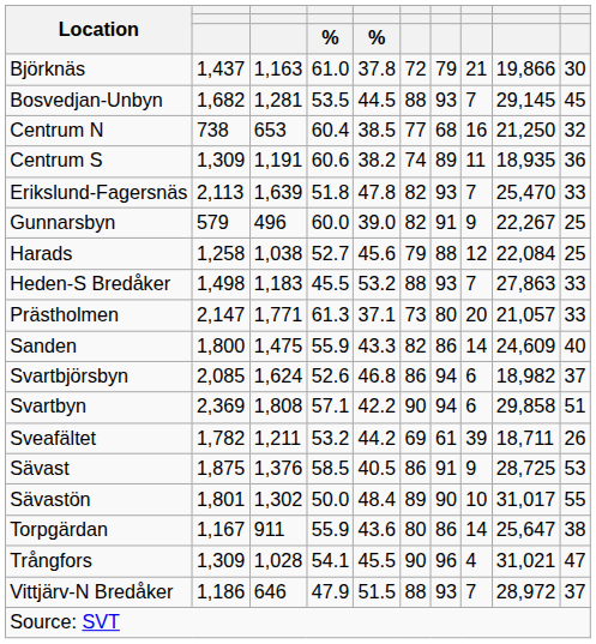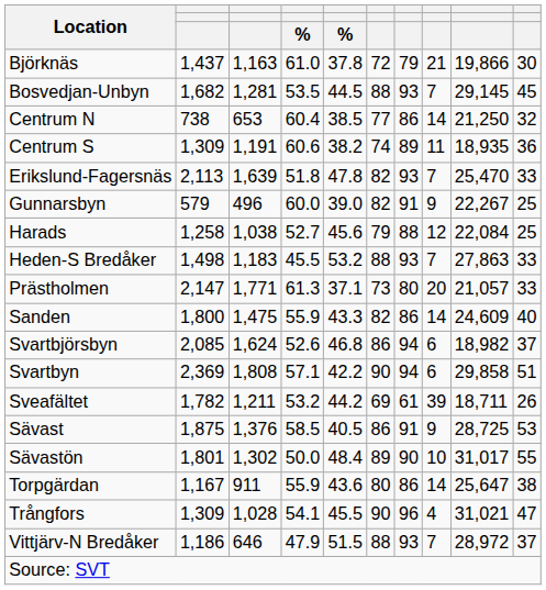 <table role="presentation" class="wikitable sortable mw-collapsible">
 <tr>
 <th rowspan="3">Location</th>
 <th></th>
 <th></th>
 <th></th>
 <th></th>
 <th></th>
 <th></th>
 <th></th>
 <th></th>
 <th></th>
 </tr>
 <tr>
 <th></th>
 <th></th>
 <th style="background:"></th>
 <th style="background:"></th>
 <th></th>
 <th></th>
 <th></th>
 <th></th>
 <th></th>
 </tr>
 <tr>
 <th data-sort-type="number"></th>
 <th data-sort-type="number"></th>
 <th data-sort-type="number">%</th>
 <th data-sort-type="number">%</th>
 <th data-sort-type="number"></th>
 <th data-sort-type="number"></th>
 <th data-sort-type="number"></th>
 <th data-sort-type="number"></th>
 <th data-sort-type="number"></th>
 </tr>
 <tr>
 <td align="left">Björknäs</td>
 <td>1,437</td>
 <td>1,163</td>
 <td>61.0</td>
 <td>37.8</td>
 <td>72</td>
 <td>79</td>
 <td>21</td>
 <td>19,866</td>
 <td>30</td>
 </tr>
 <tr>
 <td align="left">Bosvedjan-Unbyn</td>
 <td>1,682</td>
 <td>1,281</td>
 <td>53.5</td>
 <td>44.5</td>
 <td>88</td>
 <td>93</td>
 <td>7</td>
 <td>29,145</td>
 <td>45</td>
 </tr>
 <tr>
 <td align="left">Centrum N</td>
 <td>738</td>
 <td>653</td>
 <td>60.4</td>
 <td>38.5</td>
 <td>77</td>
-<td>68</td>
-<td>16</td>
+<td>86</td>
+<td>14</td>
 <td>21,250</td>
 <td>32</td>
 </tr>
 <tr>
 <td align="left">Centrum S</td>
 <td>1,309</td>
 <td>1,191</td>
 <td>60.6</td>
 <td>38.2</td>
 <td>74</td>
 <td>89</td>
 <td>11</td>
 <td>18,935</td>
 <td>36</td>
 </tr>
 <tr>
 <td align="left">Erikslund-Fagersnäs</td>
 <td>2,113</td>
 <td>1,639</td>
 <td>51.8</td>
 <td>47.8</td>
 <td>82</td>
 <td>93</td>
 <td>7</td>
 <td>25,470</td>
 <td>33</td>
 </tr>
 <tr>
 <td align="left">Gunnarsbyn</td>
 <td>579</td>
 <td>496</td>
 <td>60.0</td>
 <td>39.0</td>
 <td>82</td>
 <td>91</td>
 <td>9</td>
 <td>22,267</td>
 <td>25</td>
 </tr>
 <tr>
 <td align="left">Harads</td>
 <td>1,258</td>
 <td>1,038</td>
 <td>52.7</td>
 <td>45.6</td>
 <td>79</td>
 <td>88</td>
 <td>12</td>
 <td>22,084</td>
 <td>25</td>
 </tr>
 <tr>
 <td align="left">Heden-S Bredåker</td>
 <td>1,498</td>
 <td>1,183</td>
 <td>45.5</td>
 <td>53.2</td>
 <td>88</td>
 <td>93</td>
 <td>7</td>
 <td>27,863</td>
 <td>33</td>
 </tr>
 <tr>
 <td align="left">Prästholmen</td>
 <td>2,147</td>
 <td>1,771</td>
 <td>61.3</td>
 <td>37.1</td>
 <td>73</td>
 <td>80</td>
 <td>20</td>
 <td>21,057</td>
 <td>33</td>
 </tr>
 <tr>
 <td align="left">Sanden</td>
 <td>1,800</td>
 <td>1,475</td>
 <td>55.9</td>
 <td>43.3</td>
 <td>82</td>
 <td>86</td>
 <td>14</td>
 <td>24,609</td>
 <td>40</td>
 </tr>
 <tr>
 <td align="left">Svartbjörsbyn</td>
 <td>2,085</td>
 <td>1,624</td>
 <td>52.6</td>
 <td>46.8</td>
 <td>86</td>
 <td>94</td>
 <td>6</td>
 <td>18,982</td>
 <td>37</td>
 </tr>
 <tr>
 <td align="left">Svartbyn</td>
 <td>2,369</td>
 <td>1,808</td>
 <td>57.1</td>
 <td>42.2</td>
 <td>90</td>
 <td>94</td>
 <td>6</td>
 <td>29,858</td>
 <td>51</td>
 </tr>
 <tr>
 <td align="left">Sveafältet</td>
 <td>1,782</td>
 <td>1,211</td>
 <td>53.2</td>
 <td>44.2</td>
 <td>69</td>
 <td>61</td>
 <td>39</td>
 <td>18,711</td>
 <td>26</td>
 </tr>
 <tr>
 <td align="left">Sävast</td>
 <td>1,875</td>
 <td>1,376</td>
 <td>58.5</td>
 <td>40.5</td>
 <td>86</td>
 <td>91</td>
 <td>9</td>
 <td>28,725</td>
 <td>53</td>
 </tr>
 <tr>
 <td align="left">Sävastön</td>
 <td>1,801</td>
 <td>1,302</td>
 <td>50.0</td>
 <td>48.4</td>
 <td>89</td>
 <td>90</td>
 <td>10</td>
 <td>31,017</td>
 <td>55</td>
 </tr>
 <tr>
 <td align="left">Torpgärdan</td>
 <td>1,167</td>
 <td>911</td>
 <td>55.9</td>
 <td>43.6</td>
 <td>80</td>
 <td>86</td>
 <td>14</td>
 <td>25,647</td>
 <td>38</td>
 </tr>
 <tr>
 <td align="left">Trångfors</td>
 <td>1,309</td>
 <td>1,028</td>
 <td>54.1</td>
 <td>45.5</td>
 <td>90</td>
 <td>96</td>
 <td>4</td>
 <td>31,021</td>
 <td>47</td>
 </tr>
 <tr>
 <td align="left">Vittjärv-N Bredåker</td>
 <td>1,186</td>
 <td>646</td>
 <td>47.9</td>
 <td>51.5</td>
 <td>88</td>
 <td>93</td>
 <td>7</td>
 <td>28,972</td>
 <td>37</td>
 </tr>
 <tr>
 <td colspan="10" align="left">Source: <a href='#'>SVT</a></td>
 </tr>
 </table>
